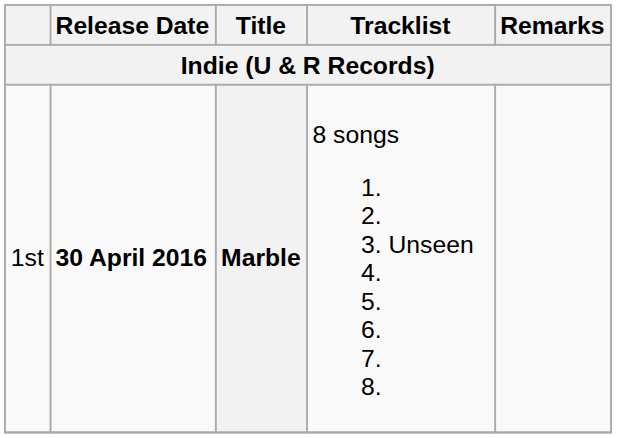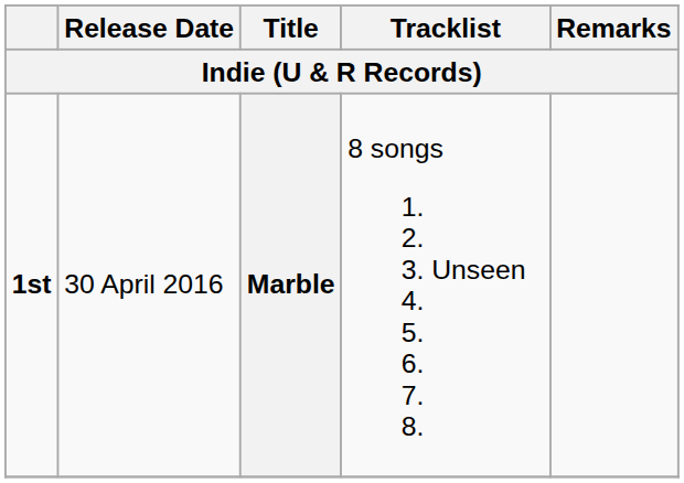 <table class="wikitable" style=font-size:small>
 <tr>
 <th> </th>
 <th>Release Date</th>
 <th>Title</th>
 <th style="width:31%">Tracklist</th>
 <th>Remarks</th>
 </tr>
 <tr>
 <th style="font-size:small;" colspan="6">Indie (U & R Records)</th>
 </tr>
 <tr>
-<td>1st</td>
-<td><strong>30 April 2016</strong></td>
+<td><strong>1st</strong></td>
+<td>30 April 2016</td>
 <th>Marble</th>
 <td><br>8 songs<ol><li></li><li></li><li>Unseen</li><li></li><li></li><li></li><li></li><li></li></ol></td>
 <td></td>
 </tr>
 <tr>
 </tr>
 </table>
